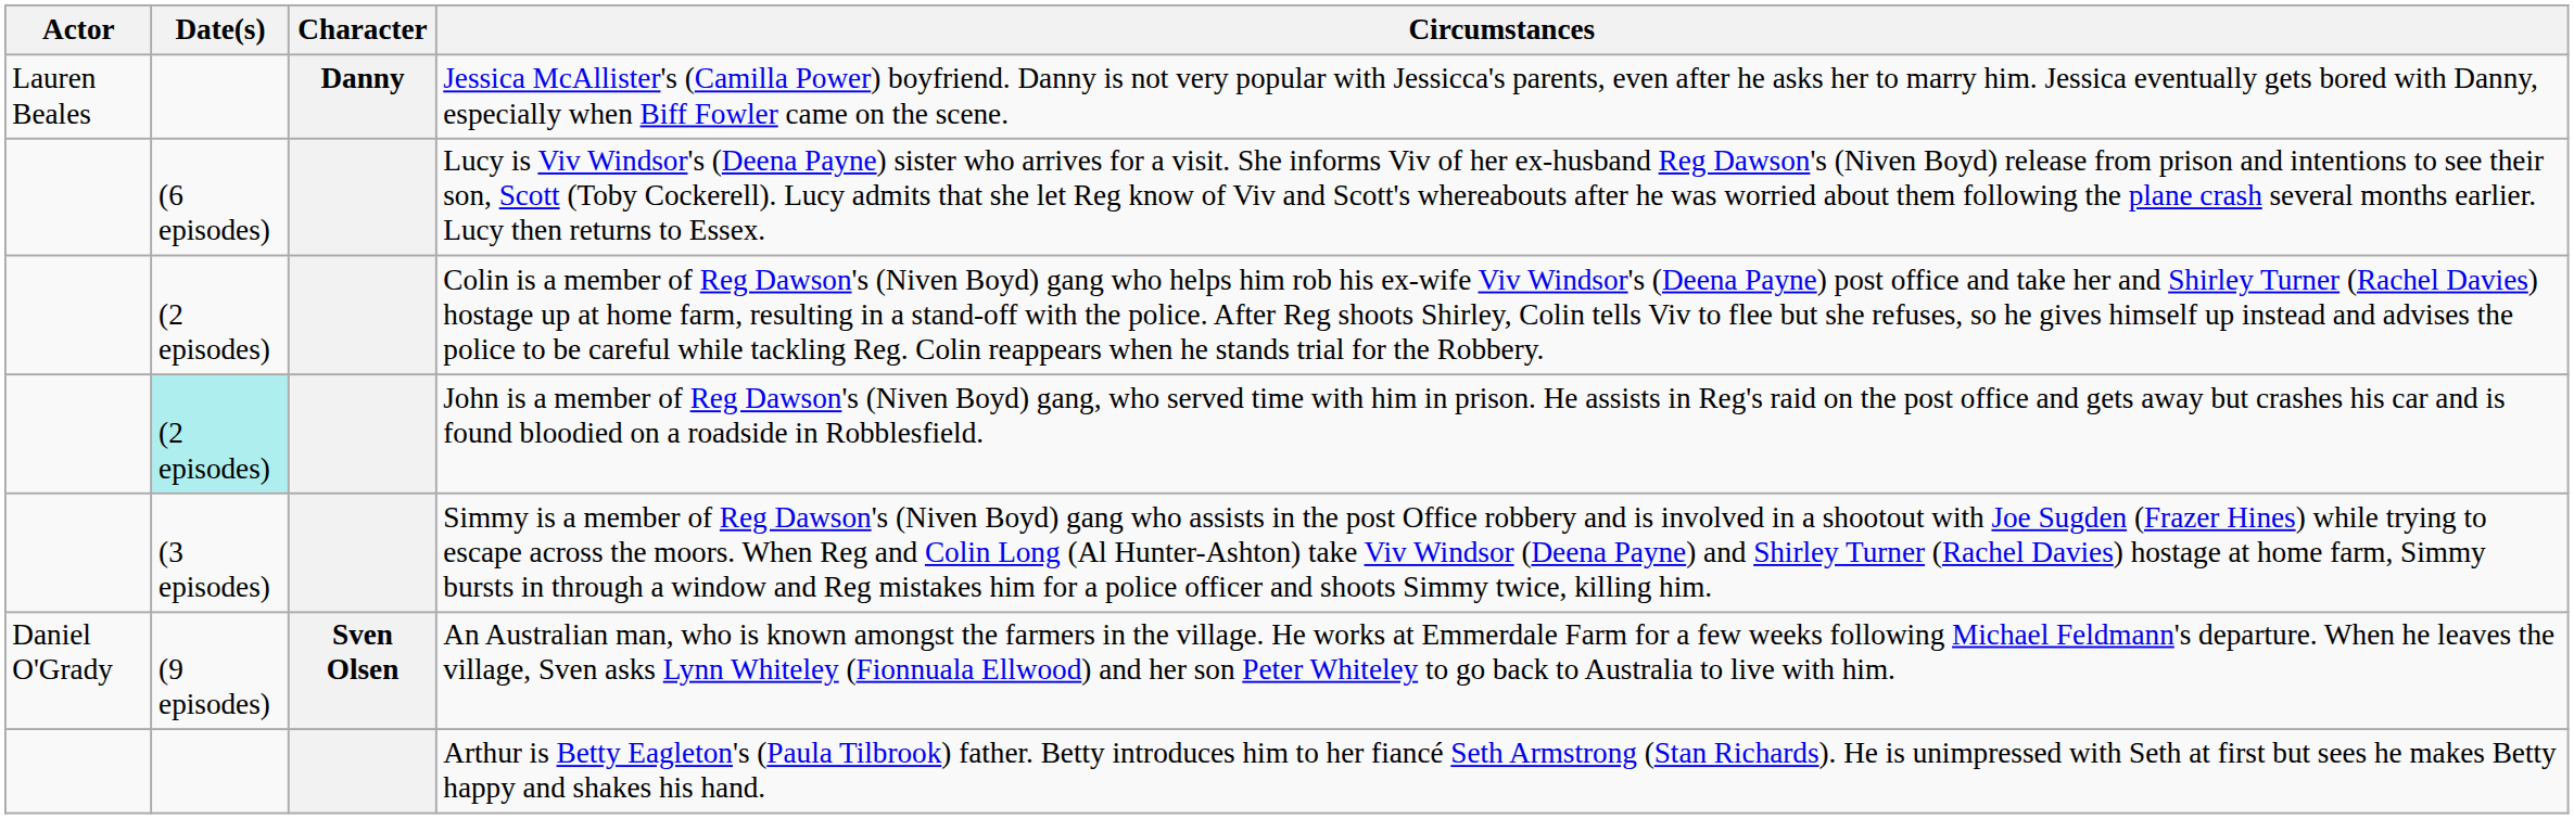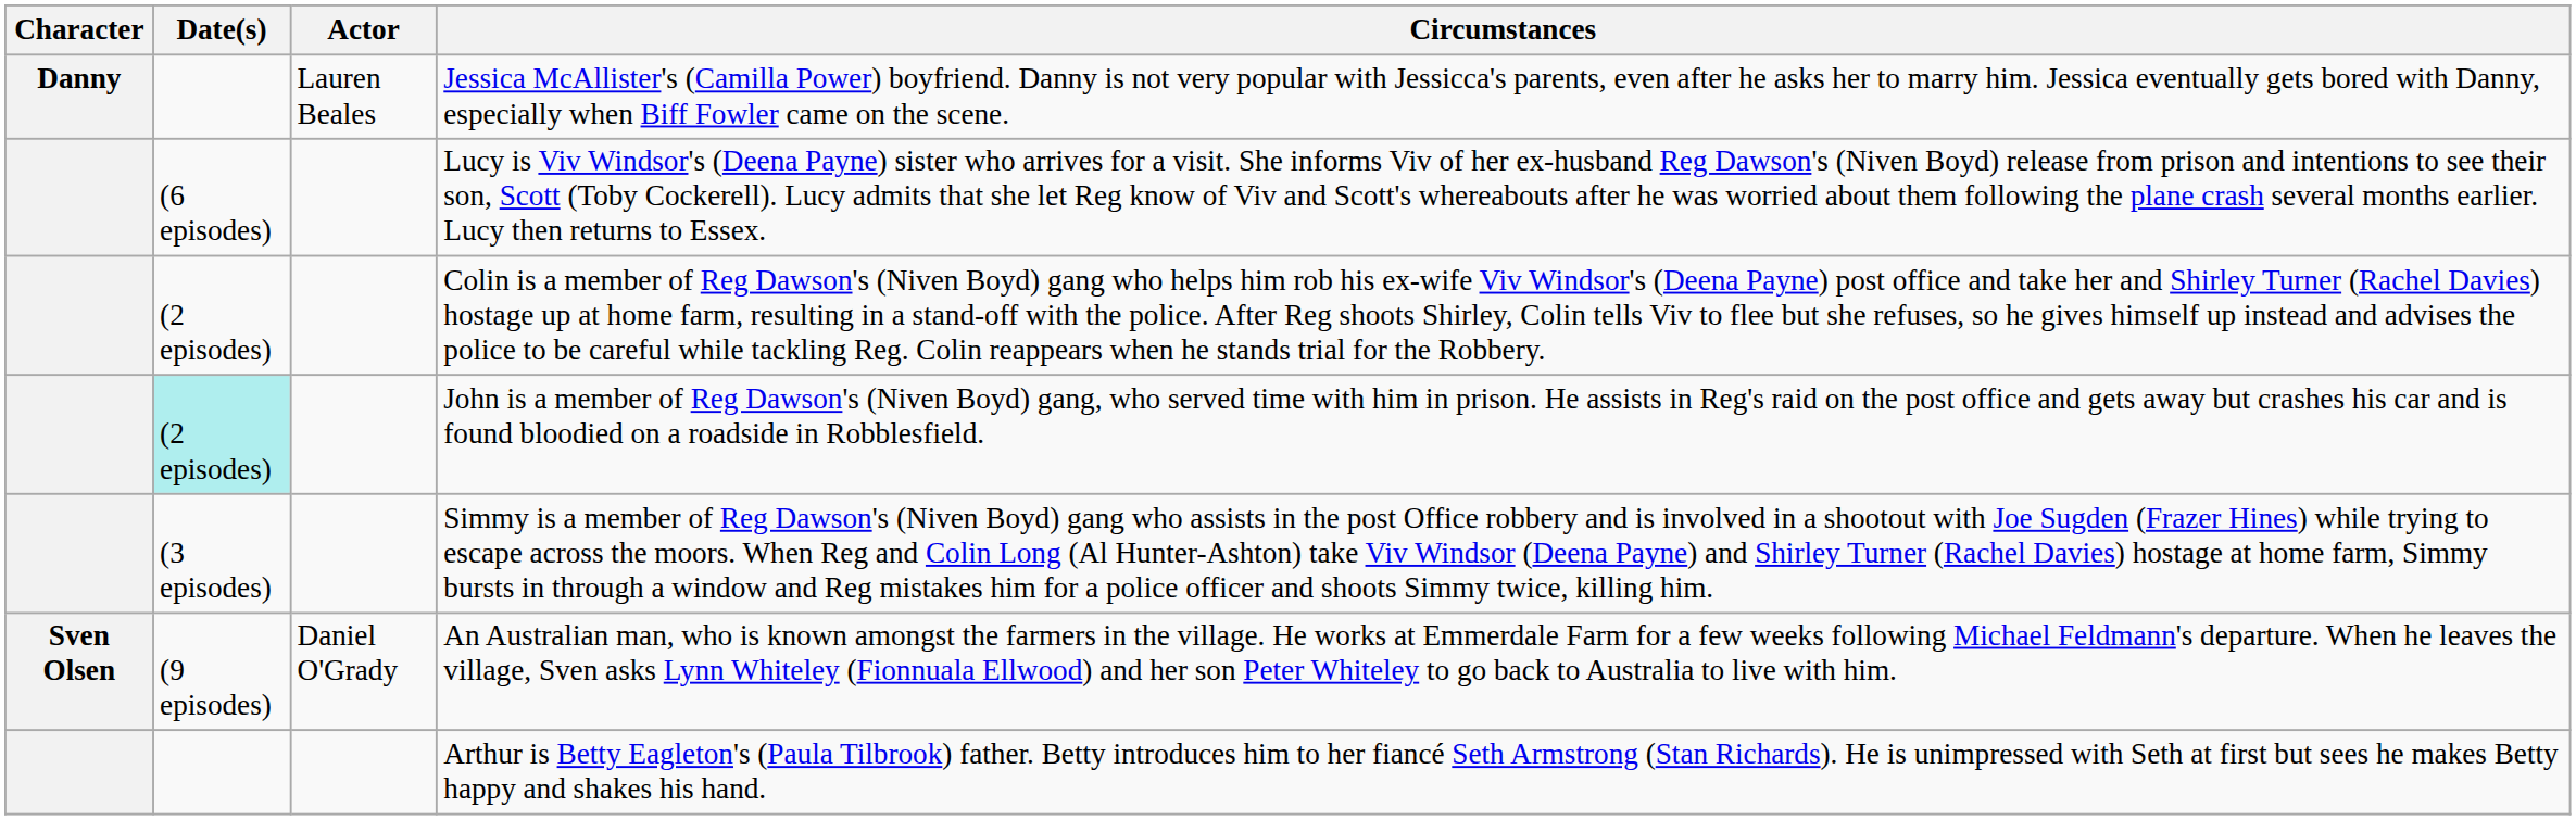 <table class="wikitable plainrowheaders" style="font-size:90%">
 <tr>
+<th scope="col">Character</th>
+<th scope="col">Date(s)</th>
 <th scope="col">Actor</th>
-<th scope="col">Date(s)</th>
-<th scope="col">Character</th>
 <th scope="col">Circumstances</th>
 </tr>
 <tr valign="top">
+<th scope="row">Danny</th>
+<td></td>
 <td>Lauren Beales</td>
-<td></td>
-<th scope="row">Danny</th>
 <td><a href='#'>Jessica McAllister</a>'s (<a href='#'>Camilla Power</a>) boyfriend. Danny is not very popular with Jessicca's parents, even after he asks her to marry him. Jessica eventually gets bored with Danny, especially when <a href='#'>Biff Fowler</a> came on the scene.</td>
 </tr>
 <tr valign="top">
+<th scope="row"></th>
+<td><br>(6 episodes)</td>
 <td></td>
-<td><br>(6 episodes)</td>
-<th scope="row"></th>
 <td> Lucy is <a href='#'>Viv Windsor</a>'s (<a href='#'>Deena Payne</a>) sister who arrives for a visit. She informs Viv of her ex-husband <a href='#'>Reg Dawson</a>'s (Niven Boyd) release from prison and intentions to see their son, <a href='#'>Scott</a> (Toby Cockerell). Lucy admits that she let Reg know of Viv and Scott's whereabouts after he was worried about them following the <a href='#'>plane crash</a> several months earlier. Lucy then returns to Essex.</td>
 </tr>
 <tr valign="top">
+<th scope="row"></th>
+<td><br>(2 episodes)</td>
 <td></td>
-<td><br>(2 episodes)</td>
-<th scope="row"></th>
 <td> Colin is a member of <a href='#'>Reg Dawson</a>'s (Niven Boyd) gang who helps him rob his ex-wife <a href='#'>Viv Windsor</a>'s (<a href='#'>Deena Payne</a>) post office and take her and <a href='#'>Shirley Turner</a> (<a href='#'>Rachel Davies</a>) hostage up at home farm, resulting in a stand-off with the police. After Reg shoots Shirley, Colin tells Viv to flee but she refuses, so he gives himself up instead and advises the police to be careful while tackling Reg. Colin reappears when he stands trial for the Robbery.</td>
 </tr>
 <tr valign="top">
+<th scope="row"></th>
+<td style="background: paleturquoise;"><br>(2 episodes)</td>
 <td></td>
-<td style="background: paleturquoise;"><br>(2 episodes)</td>
-<th scope="row"></th>
 <td>John is a member of <a href='#'>Reg Dawson</a>'s (Niven Boyd) gang, who served time with him in prison. He assists in Reg's raid on the post office and gets away but crashes his car and is found bloodied on a roadside in Robblesfield.</td>
 </tr>
 <tr valign="top">
+<th scope="row"></th>
+<td><br>(3 episodes)</td>
 <td></td>
-<td><br>(3 episodes)</td>
-<th scope="row"></th>
 <td>Simmy is a member of <a href='#'>Reg Dawson</a>'s (Niven Boyd) gang who assists in the post Office robbery and is involved in a shootout with <a href='#'>Joe Sugden</a> (<a href='#'>Frazer Hines</a>) while trying to escape across the moors. When Reg and <a href='#'>Colin Long</a> (Al Hunter-Ashton) take <a href='#'>Viv Windsor</a> (<a href='#'>Deena Payne</a>) and <a href='#'>Shirley Turner</a> (<a href='#'>Rachel Davies</a>) hostage at home farm, Simmy bursts in through a window and Reg mistakes him for a police officer and shoots Simmy twice, killing him.</td>
 </tr>
 <tr valign="top">
+<th scope="row">Sven Olsen</th>
+<td><br>(9 episodes)</td>
 <td>Daniel O'Grady</td>
-<td><br>(9 episodes)</td>
-<th scope="row">Sven Olsen</th>
 <td>An Australian man, who is known amongst the farmers in the village. He works at Emmerdale Farm for a few weeks following <a href='#'>Michael Feldmann</a>'s departure. When he leaves the village, Sven asks <a href='#'>Lynn Whiteley</a> (<a href='#'>Fionnuala Ellwood</a>) and her son <a href='#'>Peter Whiteley</a> to go back to Australia to live with him.</td>
 </tr>
 <tr valign="top">
+<th scope="row"></th>
 <td></td>
 <td></td>
-<th scope="row"></th>
 <td>Arthur is <a href='#'>Betty Eagleton</a>'s (<a href='#'>Paula Tilbrook</a>) father. Betty introduces him to her fiancé <a href='#'>Seth Armstrong</a> (<a href='#'>Stan Richards</a>). He is unimpressed with Seth at first but sees he makes Betty happy and shakes his hand.</td>
 </tr>
 </table>
